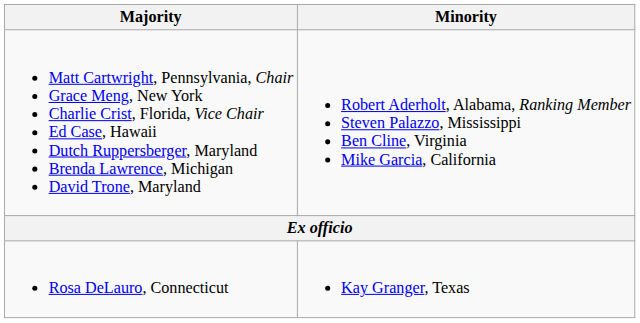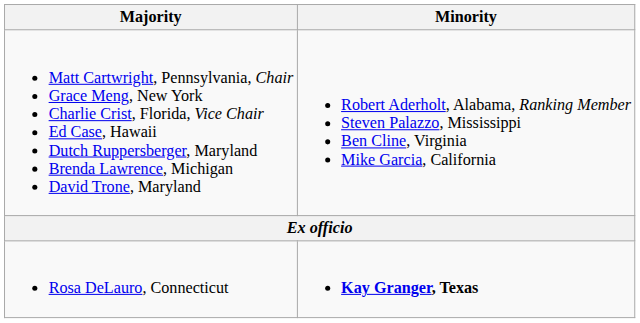 <table class="wikitable">
 <tr>
 <th>Majority</th>
 <th>Minority</th>
 </tr>
 <tr>
 <td><br><ul><li><a href='#'>Matt Cartwright</a>, Pennsylvania, <em>Chair</em></li><li><a href='#'>Grace Meng</a>, New York</li><li><a href='#'>Charlie Crist</a>, Florida, <em>Vice Chair</em></li><li><a href='#'>Ed Case</a>, Hawaii</li><li><a href='#'>Dutch Ruppersberger</a>, Maryland</li><li><a href='#'>Brenda Lawrence</a>, Michigan</li><li><a href='#'>David Trone</a>, Maryland</li></ul></td>
 <td><br><ul><li><a href='#'>Robert Aderholt</a>, Alabama, <em>Ranking Member</em></li><li><a href='#'>Steven Palazzo</a>, Mississippi</li><li><a href='#'>Ben Cline</a>, Virginia</li><li><a href='#'>Mike Garcia</a>, California</li></ul></td>
 </tr>
 <tr>
 <th colspan="2"><em>Ex officio</em></th>
 </tr>
 <tr>
 <td><br><ul><li><a href='#'>Rosa DeLauro</a>, Connecticut</li></ul></td>
-<td><br><ul><li><a href='#'>Kay Granger</a>, Texas</li></ul></td>
+<td><strong><br><ul><li><a href='#'>Kay Granger</a>, Texas</li></ul></strong></td>
 </tr>
 </table>
